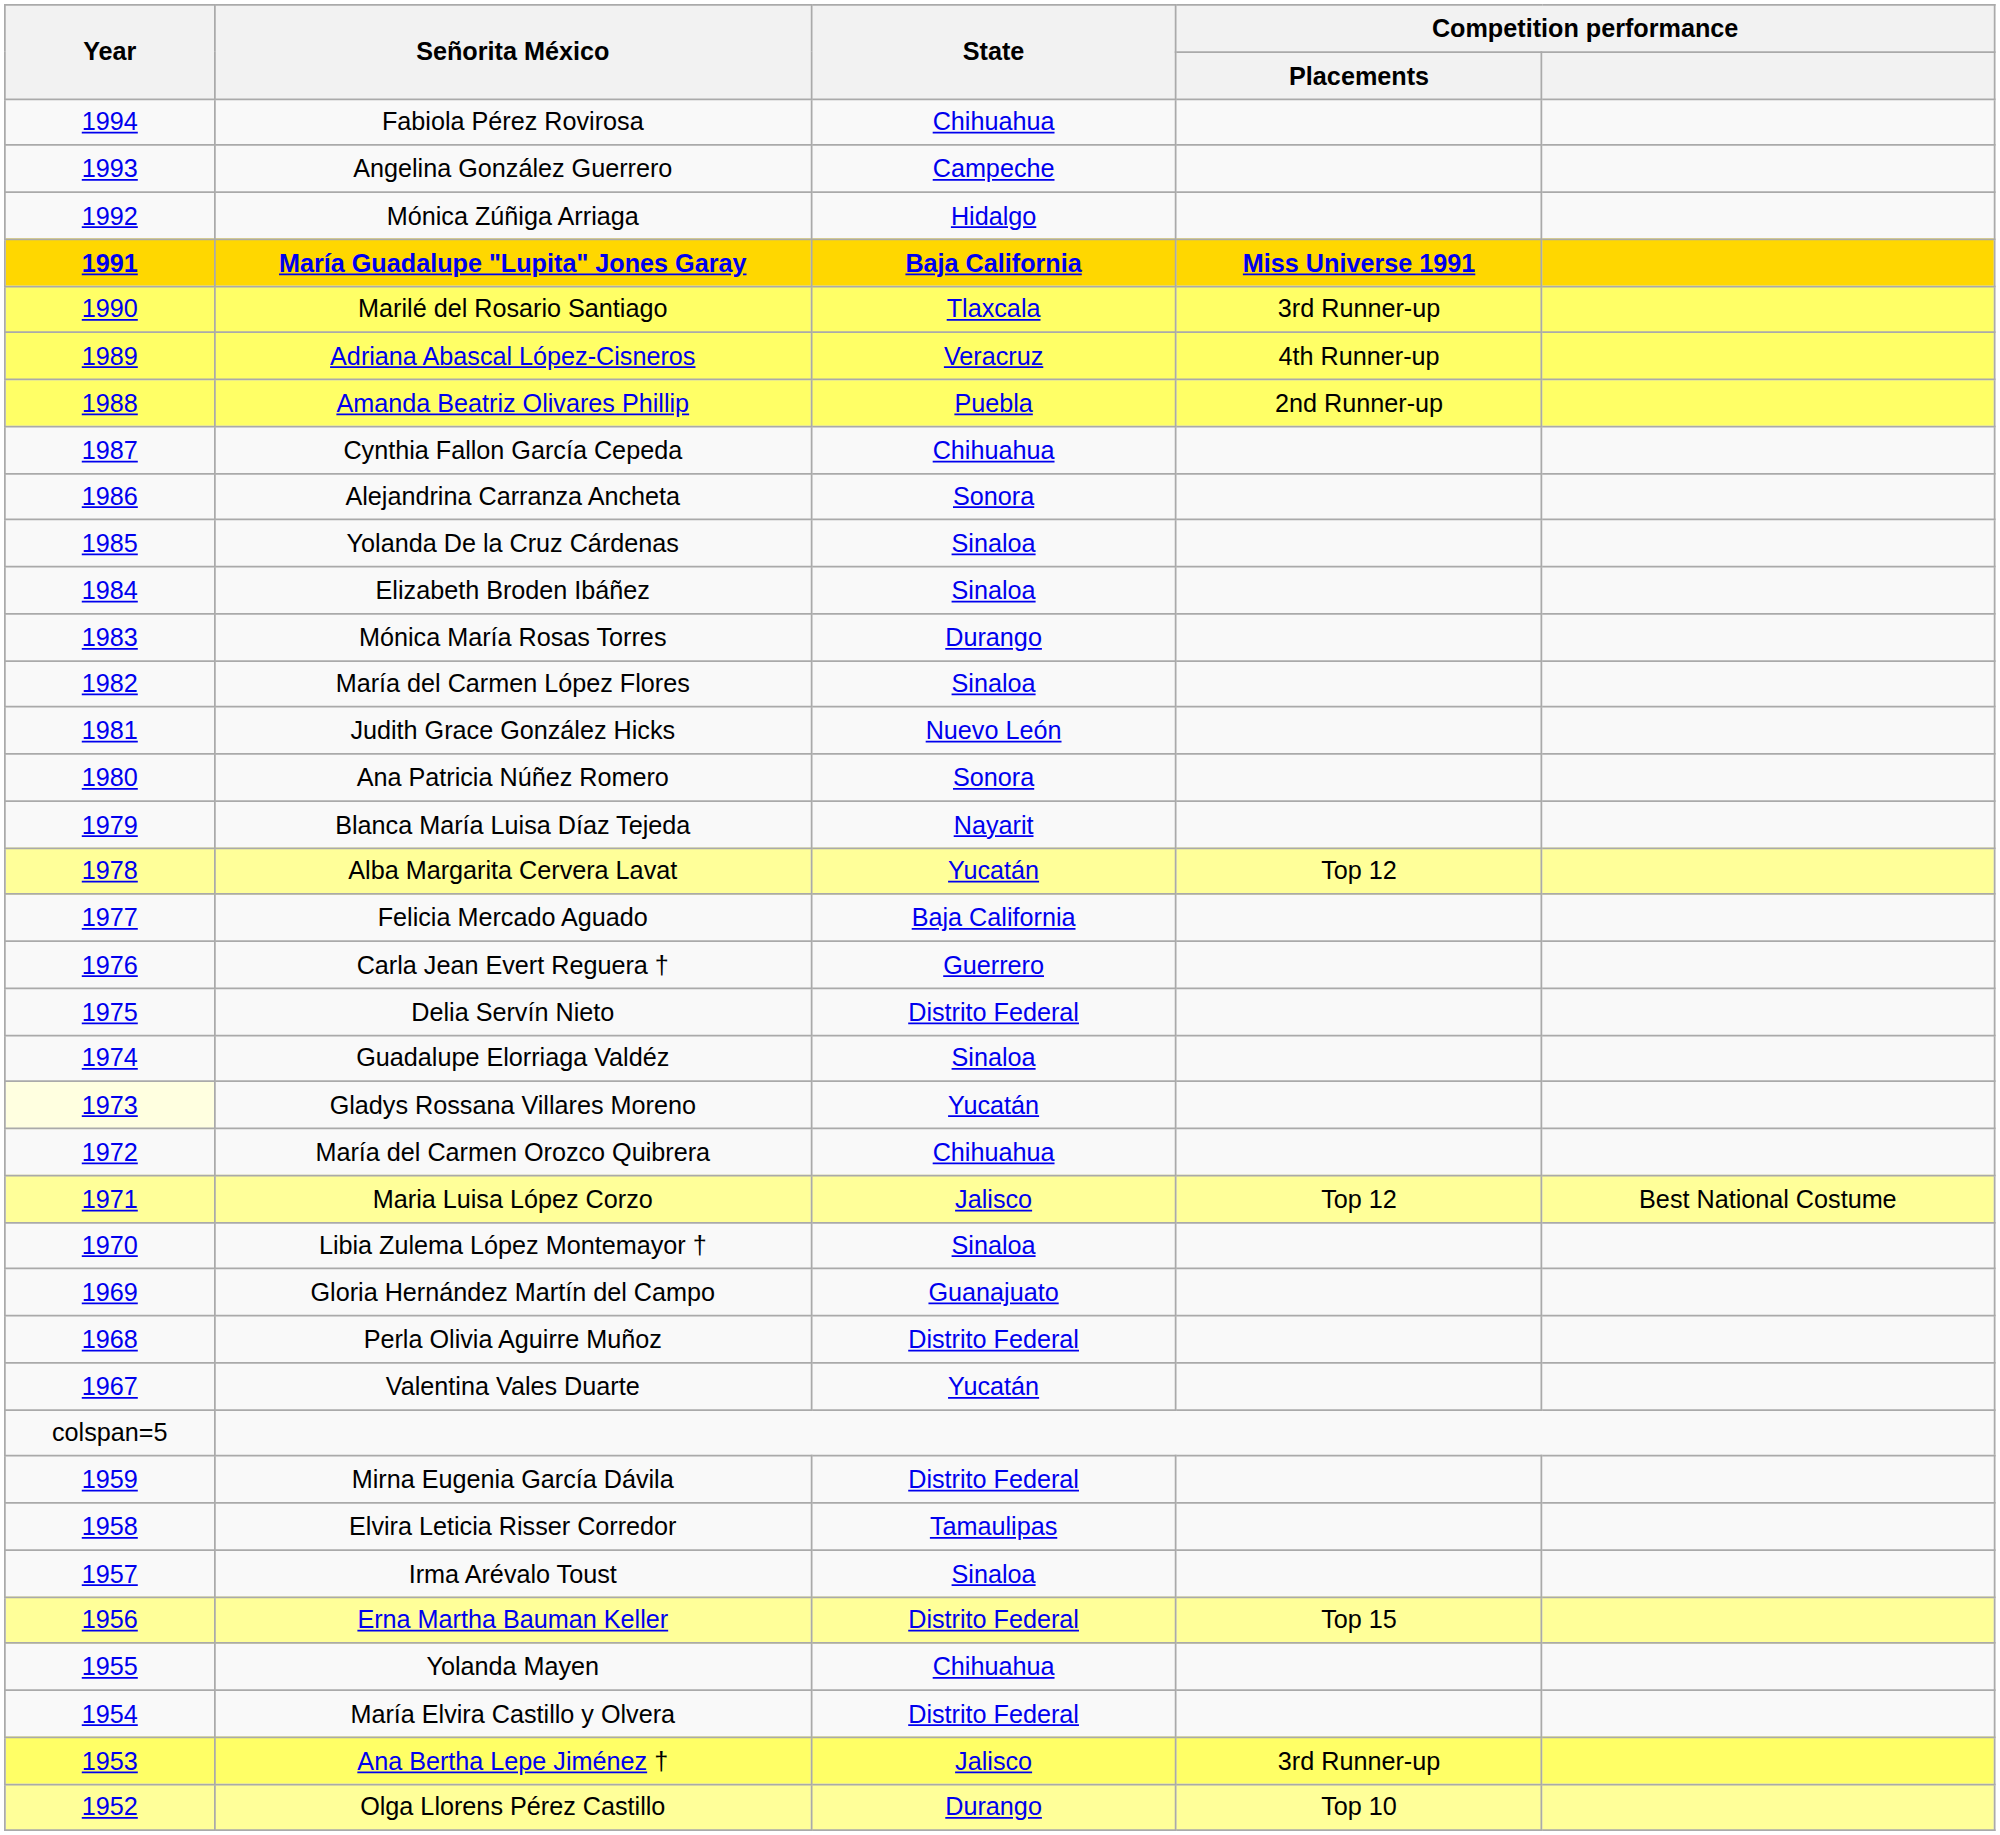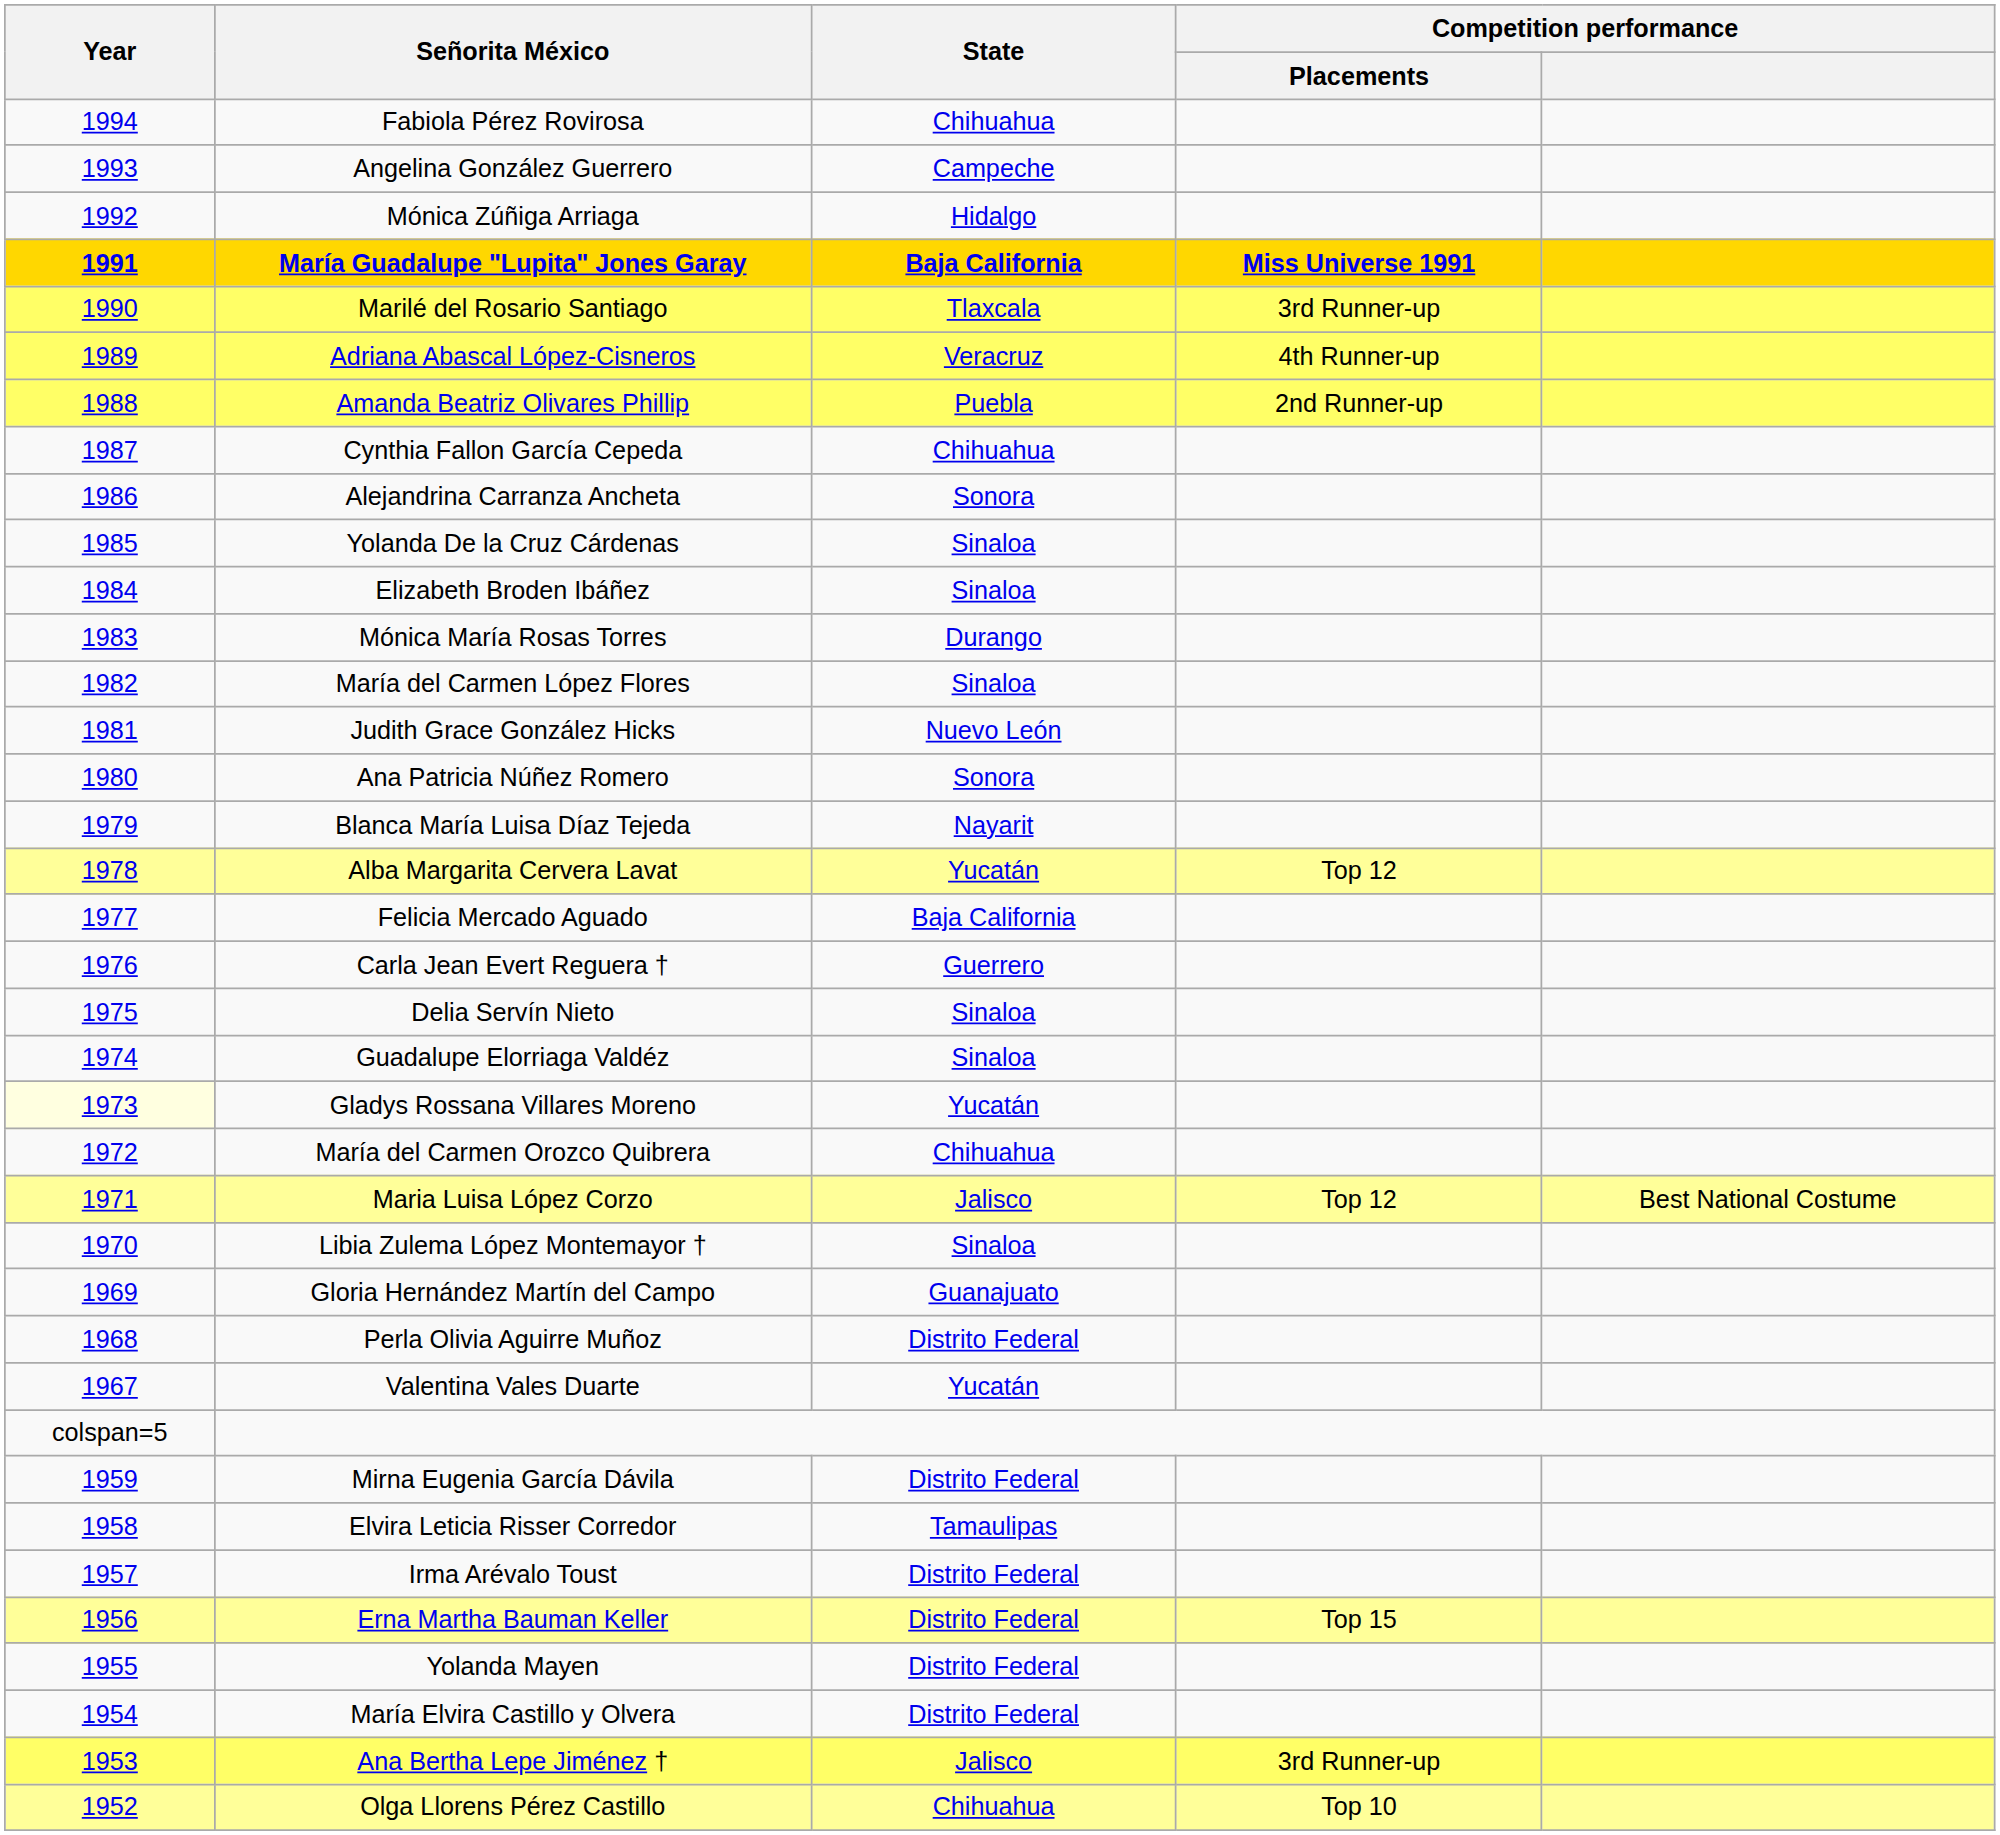 <table class="wikitable" style="text-align:center; line-height:20px; font-size:90%; width:90%;">
 <tr>
 <th rowspan="2"  width=60px>Year</th>
 <th rowspan="2"  width=200px>Señorita México</th>
 <th rowspan="2"  width=120px>State</th>
 <th colspan="2"  width=200px>Competition performance</th>
 </tr>
 <tr>
 <th width=120px>Placements</th>
 <th width=150px></th>
 </tr>
 <tr>
 <td><a href='#'>1994</a></td>
 <td>Fabiola Pérez Rovirosa</td>
 <td><a href='#'>Chihuahua</a></td>
 <td></td>
 <td></td>
 </tr>
 <tr>
 <td><a href='#'>1993</a></td>
 <td>Angelina González Guerrero</td>
 <td><a href='#'>Campeche</a></td>
 <td></td>
 <td></td>
 </tr>
 <tr>
 <td><a href='#'>1992</a></td>
 <td>Mónica Zúñiga Arriaga</td>
 <td><a href='#'>Hidalgo</a></td>
 <td></td>
 <td></td>
 </tr>
 <tr bgcolor="gold">
 <td><strong><a href='#'>1991</a></strong></td>
 <td><strong><a href='#'>María Guadalupe "Lupita" Jones Garay</a></strong></td>
 <td><strong><a href='#'>Baja California</a></strong></td>
 <td><strong><a href='#'>Miss Universe 1991</a></strong></td>
 <td></td>
 </tr>
 <tr style="background-color:#FFFF66">
 <td><a href='#'>1990</a></td>
 <td>Marilé del Rosario Santiago</td>
 <td><a href='#'>Tlaxcala</a></td>
 <td>3rd Runner-up</td>
 <td></td>
 </tr>
 <tr style="background-color:#FFFF66">
 <td><a href='#'>1989</a></td>
 <td><a href='#'>Adriana Abascal López-Cisneros</a></td>
 <td><a href='#'>Veracruz</a></td>
 <td>4th Runner-up</td>
 <td></td>
 </tr>
 <tr style="background-color:#FFFF66">
 <td><a href='#'>1988</a></td>
 <td><a href='#'>Amanda Beatriz Olivares Phillip</a></td>
 <td><a href='#'>Puebla</a></td>
 <td>2nd Runner-up</td>
 <td></td>
 </tr>
 <tr>
 <td><a href='#'>1987</a></td>
 <td>Cynthia Fallon García Cepeda</td>
 <td><a href='#'>Chihuahua</a></td>
 <td></td>
 <td></td>
 </tr>
 <tr>
 <td><a href='#'>1986</a></td>
 <td>Alejandrina Carranza Ancheta</td>
 <td><a href='#'>Sonora</a></td>
 <td></td>
 <td></td>
 </tr>
 <tr>
 <td><a href='#'>1985</a></td>
 <td>Yolanda De la Cruz Cárdenas</td>
 <td><a href='#'>Sinaloa</a></td>
 <td></td>
 <td></td>
 </tr>
 <tr>
 <td><a href='#'>1984</a></td>
 <td>Elizabeth Broden Ibáñez</td>
 <td><a href='#'>Sinaloa</a></td>
 <td></td>
 <td></td>
 </tr>
 <tr>
 <td><a href='#'>1983</a></td>
 <td>Mónica María Rosas Torres</td>
 <td><a href='#'>Durango</a></td>
 <td></td>
 <td></td>
 </tr>
 <tr>
 <td><a href='#'>1982</a></td>
 <td>María del Carmen López Flores</td>
 <td><a href='#'>Sinaloa</a></td>
 <td></td>
 <td></td>
 </tr>
 <tr>
 <td><a href='#'>1981</a></td>
 <td>Judith Grace González Hicks</td>
 <td><a href='#'>Nuevo León</a></td>
 <td></td>
 <td></td>
 </tr>
 <tr>
 <td><a href='#'>1980</a></td>
 <td>Ana Patricia Núñez Romero</td>
 <td><a href='#'>Sonora</a></td>
 <td></td>
 <td></td>
 </tr>
 <tr>
 <td><a href='#'>1979</a></td>
 <td>Blanca María Luisa Díaz Tejeda</td>
 <td><a href='#'>Nayarit</a></td>
 <td></td>
 <td></td>
 </tr>
 <tr style="background-color:#FFFF99">
 <td><a href='#'>1978</a></td>
 <td>Alba Margarita Cervera Lavat</td>
 <td><a href='#'>Yucatán</a></td>
 <td>Top 12</td>
 <td></td>
 </tr>
 <tr>
 <td><a href='#'>1977</a></td>
 <td>Felicia Mercado Aguado</td>
 <td><a href='#'>Baja California</a></td>
 <td></td>
 <td></td>
 </tr>
 <tr>
 <td><a href='#'>1976</a></td>
 <td>Carla Jean Evert Reguera †</td>
 <td><a href='#'>Guerrero</a></td>
 <td></td>
 <td></td>
 </tr>
 <tr>
 <td><a href='#'>1975</a></td>
 <td>Delia Servín Nieto</td>
-<td><a href='#'>Distrito Federal</a></td>
+<td><a href='#'>Sinaloa</a></td>
 <td></td>
 <td></td>
 </tr>
 <tr>
 <td><a href='#'>1974</a></td>
 <td>Guadalupe Elorriaga Valdéz</td>
 <td><a href='#'>Sinaloa</a></td>
 <td></td>
 <td></td>
 </tr>
 <tr>
 <td style="background: lightyellow;"><a href='#'>1973</a></td>
 <td>Gladys Rossana Villares Moreno</td>
 <td><a href='#'>Yucatán</a></td>
 <td></td>
 <td></td>
 </tr>
 <tr>
 <td><a href='#'>1972</a></td>
 <td>María del Carmen Orozco Quibrera</td>
 <td><a href='#'>Chihuahua</a></td>
 <td></td>
 <td></td>
 </tr>
 <tr style="background-color:#FFFF99">
 <td><a href='#'>1971</a></td>
 <td>Maria Luisa López Corzo</td>
 <td><a href='#'>Jalisco</a></td>
 <td>Top 12</td>
 <td>Best National Costume</td>
 </tr>
 <tr>
 <td><a href='#'>1970</a></td>
 <td>Libia Zulema López Montemayor †</td>
 <td><a href='#'>Sinaloa</a></td>
 <td></td>
 <td></td>
 </tr>
 <tr>
 <td><a href='#'>1969</a></td>
 <td>Gloria Hernández Martín del Campo</td>
 <td><a href='#'>Guanajuato</a></td>
 <td></td>
 <td></td>
 </tr>
 <tr>
 <td><a href='#'>1968</a></td>
 <td>Perla Olivia Aguirre Muñoz</td>
 <td><a href='#'>Distrito Federal</a></td>
 <td></td>
 <td></td>
 </tr>
 <tr>
 <td><a href='#'>1967</a></td>
 <td>Valentina Vales Duarte</td>
 <td><a href='#'>Yucatán</a></td>
 <td></td>
 <td></td>
 </tr>
 <tr>
 <td>colspan=5 </td>
 </tr>
 <tr>
 <td><a href='#'>1959</a></td>
 <td>Mirna Eugenia García Dávila</td>
 <td><a href='#'>Distrito Federal</a></td>
 <td></td>
 <td></td>
 </tr>
 <tr>
 <td><a href='#'>1958</a></td>
 <td>Elvira Leticia Risser Corredor</td>
 <td><a href='#'>Tamaulipas</a></td>
 <td></td>
 <td></td>
 </tr>
 <tr>
 <td><a href='#'>1957</a></td>
 <td>Irma Arévalo Toust</td>
-<td><a href='#'>Sinaloa</a></td>
+<td><a href='#'>Distrito Federal</a></td>
 <td></td>
 <td></td>
 </tr>
 <tr style="background-color:#FFFF99">
 <td><a href='#'>1956</a></td>
 <td><a href='#'>Erna Martha Bauman Keller</a></td>
 <td><a href='#'>Distrito Federal</a></td>
 <td>Top 15</td>
 <td></td>
 </tr>
 <tr>
 <td><a href='#'>1955</a></td>
 <td>Yolanda Mayen</td>
-<td><a href='#'>Chihuahua</a></td>
+<td><a href='#'>Distrito Federal</a></td>
 <td></td>
 <td></td>
 </tr>
 <tr>
 <td><a href='#'>1954</a></td>
 <td>María Elvira Castillo y Olvera</td>
 <td><a href='#'>Distrito Federal</a></td>
 <td></td>
 <td></td>
 </tr>
 <tr style="background-color:#FFFF66">
 <td><a href='#'>1953</a></td>
 <td><a href='#'>Ana Bertha Lepe Jiménez</a> †</td>
 <td><a href='#'>Jalisco</a></td>
 <td>3rd Runner-up</td>
 <td></td>
 </tr>
 <tr style="background-color:#FFFF99">
 <td><a href='#'>1952</a></td>
 <td>Olga Llorens Pérez Castillo</td>
-<td><a href='#'>Durango</a></td>
+<td><a href='#'>Chihuahua</a></td>
 <td>Top 10</td>
 <td></td>
 </tr>
 </table>
